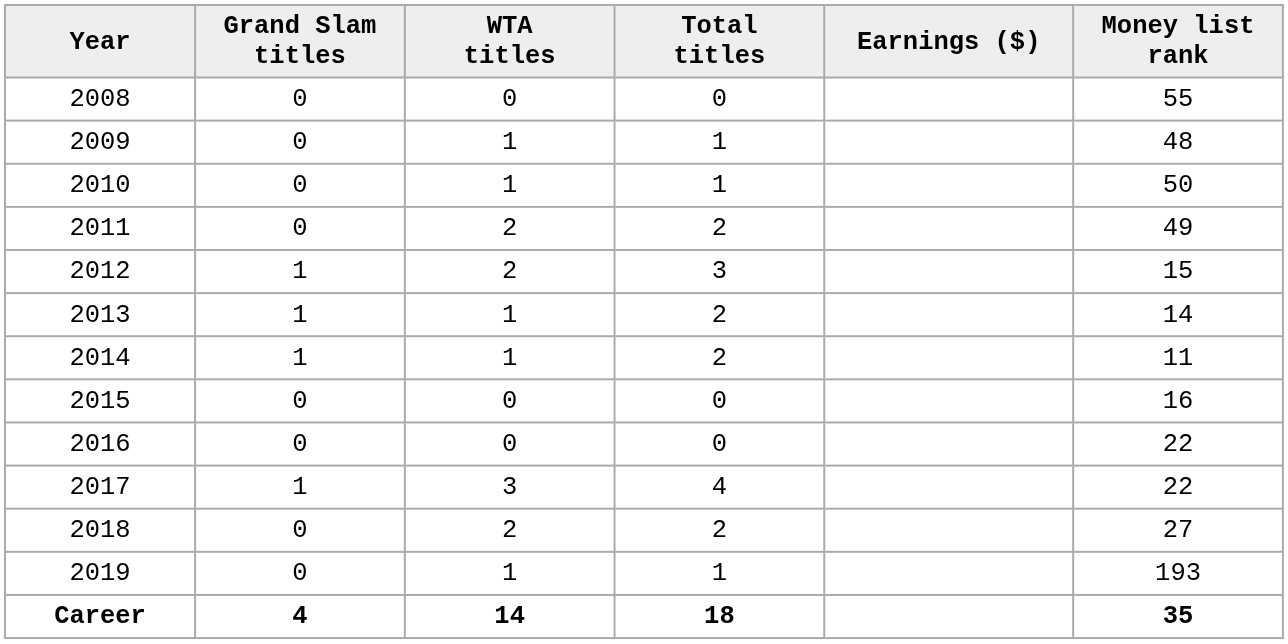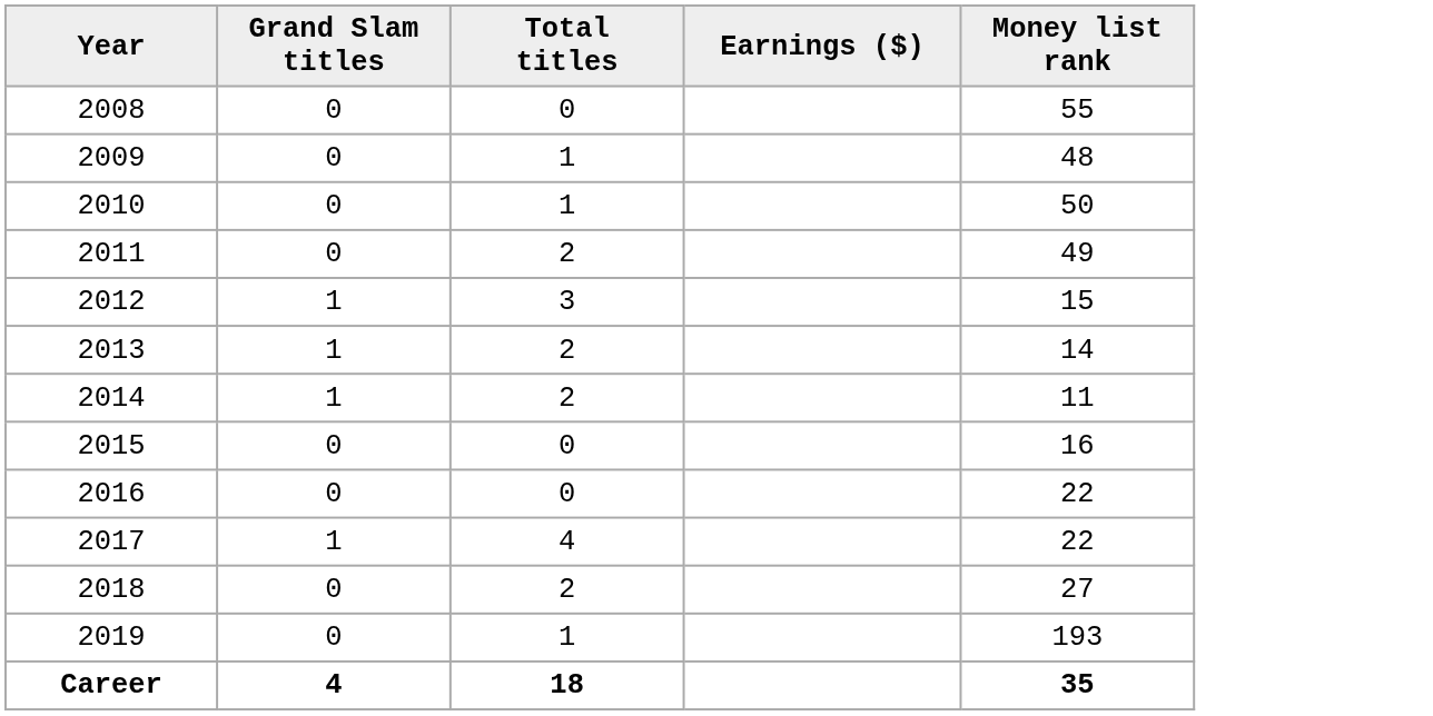 <table cellpadding=3 cellspacing=0 border=1 style=border:#aaa;solid:1px;border-collapse:collapse;text-align:center>
 <tr bgcolor=#eee>
 <td width=90><strong>Year</strong></td>
 <td width=100><strong>Grand Slam<br>titles</strong></td>
-<td width=100><strong>WTA <br>titles</strong></td>
 <td width=100><strong>Total<br>titles</strong></td>
 <td width=120><strong>Earnings ($)</strong></td>
 <td width=100><strong>Money list rank</strong></td>
 </tr>
 <tr>
 <td>2008</td>
-<td>0</td>
 <td>0</td>
 <td>0</td>
 <td align=right></td>
 <td>55</td>
 </tr>
 <tr>
 <td>2009</td>
 <td>0</td>
 <td>1</td>
-<td>1</td>
 <td align=right></td>
 <td>48</td>
 </tr>
 <tr>
 <td>2010</td>
 <td>0</td>
-<td>1</td>
 <td>1</td>
 <td align=right></td>
 <td>50</td>
 </tr>
 <tr>
 <td>2011</td>
 <td>0</td>
 <td>2</td>
-<td>2</td>
 <td align=right></td>
 <td>49</td>
 </tr>
 <tr>
 <td>2012</td>
 <td>1</td>
-<td>2</td>
 <td>3</td>
 <td align=right></td>
 <td>15</td>
 </tr>
 <tr>
 <td>2013</td>
 <td>1</td>
-<td>1</td>
 <td>2</td>
 <td align=right></td>
 <td>14</td>
 </tr>
 <tr>
 <td>2014</td>
-<td>1</td>
 <td>1</td>
 <td>2</td>
 <td align=right></td>
 <td>11</td>
 </tr>
 <tr>
 <td>2015</td>
 <td>0</td>
 <td>0</td>
-<td>0</td>
 <td align=right></td>
 <td>16</td>
 </tr>
 <tr>
 <td>2016</td>
-<td>0</td>
 <td>0</td>
 <td>0</td>
 <td align=right></td>
 <td>22</td>
 </tr>
 <tr>
 <td>2017</td>
 <td>1</td>
-<td>3</td>
 <td>4</td>
 <td align=right></td>
 <td>22</td>
 </tr>
 <tr>
 <td>2018</td>
 <td>0</td>
 <td>2</td>
-<td>2</td>
 <td align=right></td>
 <td>27</td>
 </tr>
 <tr>
 <td>2019</td>
 <td>0</td>
 <td>1</td>
-<td>1</td>
 <td align=right></td>
 <td>193</td>
 </tr>
 <tr style=font-weight:bold>
 <td>Career</td>
 <td>4</td>
-<td>14</td>
 <td>18</td>
 <td align="right"></td>
 <td>35</td>
 </tr>
 </table>
